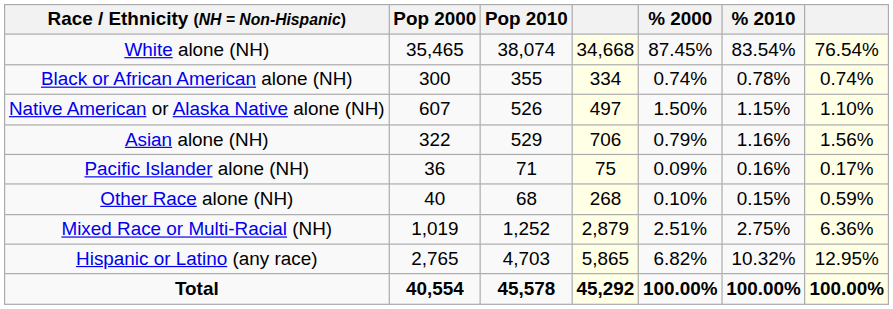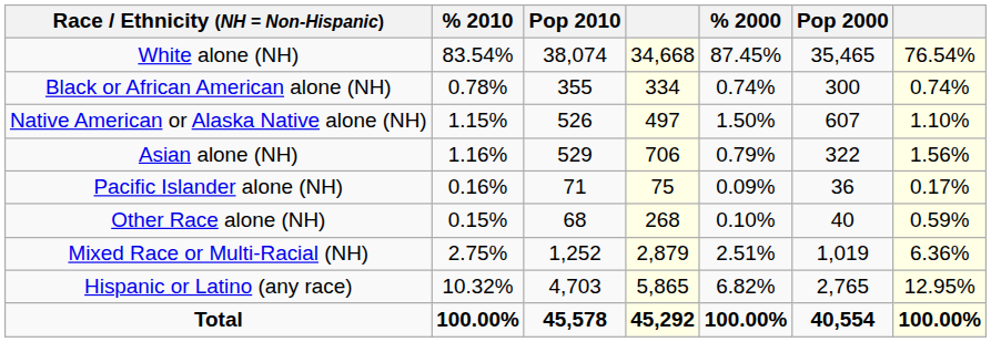 <table class="wikitable" style="text-align:center;">
 <tr>
 <th>Race / Ethnicity <small>(<em>NH = Non-Hispanic</em>)</small></th>
-<th>Pop 2000</th>
+<th>% 2010</th>
 <th>Pop 2010</th>
 <th></th>
 <th>% 2000</th>
-<th>% 2010</th>
+<th>Pop 2000</th>
 <th></th>
 </tr>
 <tr>
 <td><a href='#'>White</a> alone (NH)</td>
-<td>35,465</td>
+<td>83.54%</td>
 <td>38,074</td>
 <td style='background: #ffffe6;'>34,668</td>
 <td>87.45%</td>
-<td>83.54%</td>
+<td>35,465</td>
 <td style='background: #ffffe6;'>76.54%</td>
 </tr>
 <tr>
 <td><a href='#'>Black or African American</a> alone (NH)</td>
-<td>300</td>
+<td>0.78%</td>
 <td>355</td>
 <td style='background: #ffffe6;'>334</td>
 <td>0.74%</td>
-<td>0.78%</td>
+<td>300</td>
 <td style='background: #ffffe6;'>0.74%</td>
 </tr>
 <tr>
 <td><a href='#'>Native American</a> or <a href='#'>Alaska Native</a> alone (NH)</td>
-<td>607</td>
+<td>1.15%</td>
 <td>526</td>
 <td style='background: #ffffe6;'>497</td>
 <td>1.50%</td>
-<td>1.15%</td>
+<td>607</td>
 <td style='background: #ffffe6;'>1.10%</td>
 </tr>
 <tr>
 <td><a href='#'>Asian</a> alone (NH)</td>
-<td>322</td>
+<td>1.16%</td>
 <td>529</td>
 <td style='background: #ffffe6;'>706</td>
 <td>0.79%</td>
-<td>1.16%</td>
+<td>322</td>
 <td style='background: #ffffe6;'>1.56%</td>
 </tr>
 <tr>
 <td><a href='#'>Pacific Islander</a> alone (NH)</td>
-<td>36</td>
+<td>0.16%</td>
 <td>71</td>
 <td style='background: #ffffe6;'>75</td>
 <td>0.09%</td>
-<td>0.16%</td>
+<td>36</td>
 <td style='background: #ffffe6;'>0.17%</td>
 </tr>
 <tr>
 <td><a href='#'>Other Race</a> alone (NH)</td>
-<td>40</td>
+<td>0.15%</td>
 <td>68</td>
 <td style='background: #ffffe6;'>268</td>
 <td>0.10%</td>
-<td>0.15%</td>
+<td>40</td>
 <td style='background: #ffffe6;'>0.59%</td>
 </tr>
 <tr>
 <td><a href='#'>Mixed Race or Multi-Racial</a> (NH)</td>
-<td>1,019</td>
+<td>2.75%</td>
 <td>1,252</td>
 <td style='background: #ffffe6;'>2,879</td>
 <td>2.51%</td>
-<td>2.75%</td>
+<td>1,019</td>
 <td style='background: #ffffe6;'>6.36%</td>
 </tr>
 <tr>
 <td><a href='#'>Hispanic or Latino</a> (any race)</td>
-<td>2,765</td>
+<td>10.32%</td>
 <td>4,703</td>
 <td style='background: #ffffe6;'>5,865</td>
 <td>6.82%</td>
-<td>10.32%</td>
+<td>2,765</td>
 <td style='background: #ffffe6;'>12.95%</td>
 </tr>
 <tr>
 <td><strong>Total</strong></td>
-<td><strong>40,554</strong></td>
+<td><strong>100.00%</strong></td>
 <td><strong>45,578</strong></td>
 <td style='background: #ffffe6;'><strong>45,292</strong></td>
 <td><strong>100.00%</strong></td>
-<td><strong>100.00%</strong></td>
+<td><strong>40,554</strong></td>
 <td style='background: #ffffe6;'><strong>100.00%</strong></td>
 </tr>
 </table>
